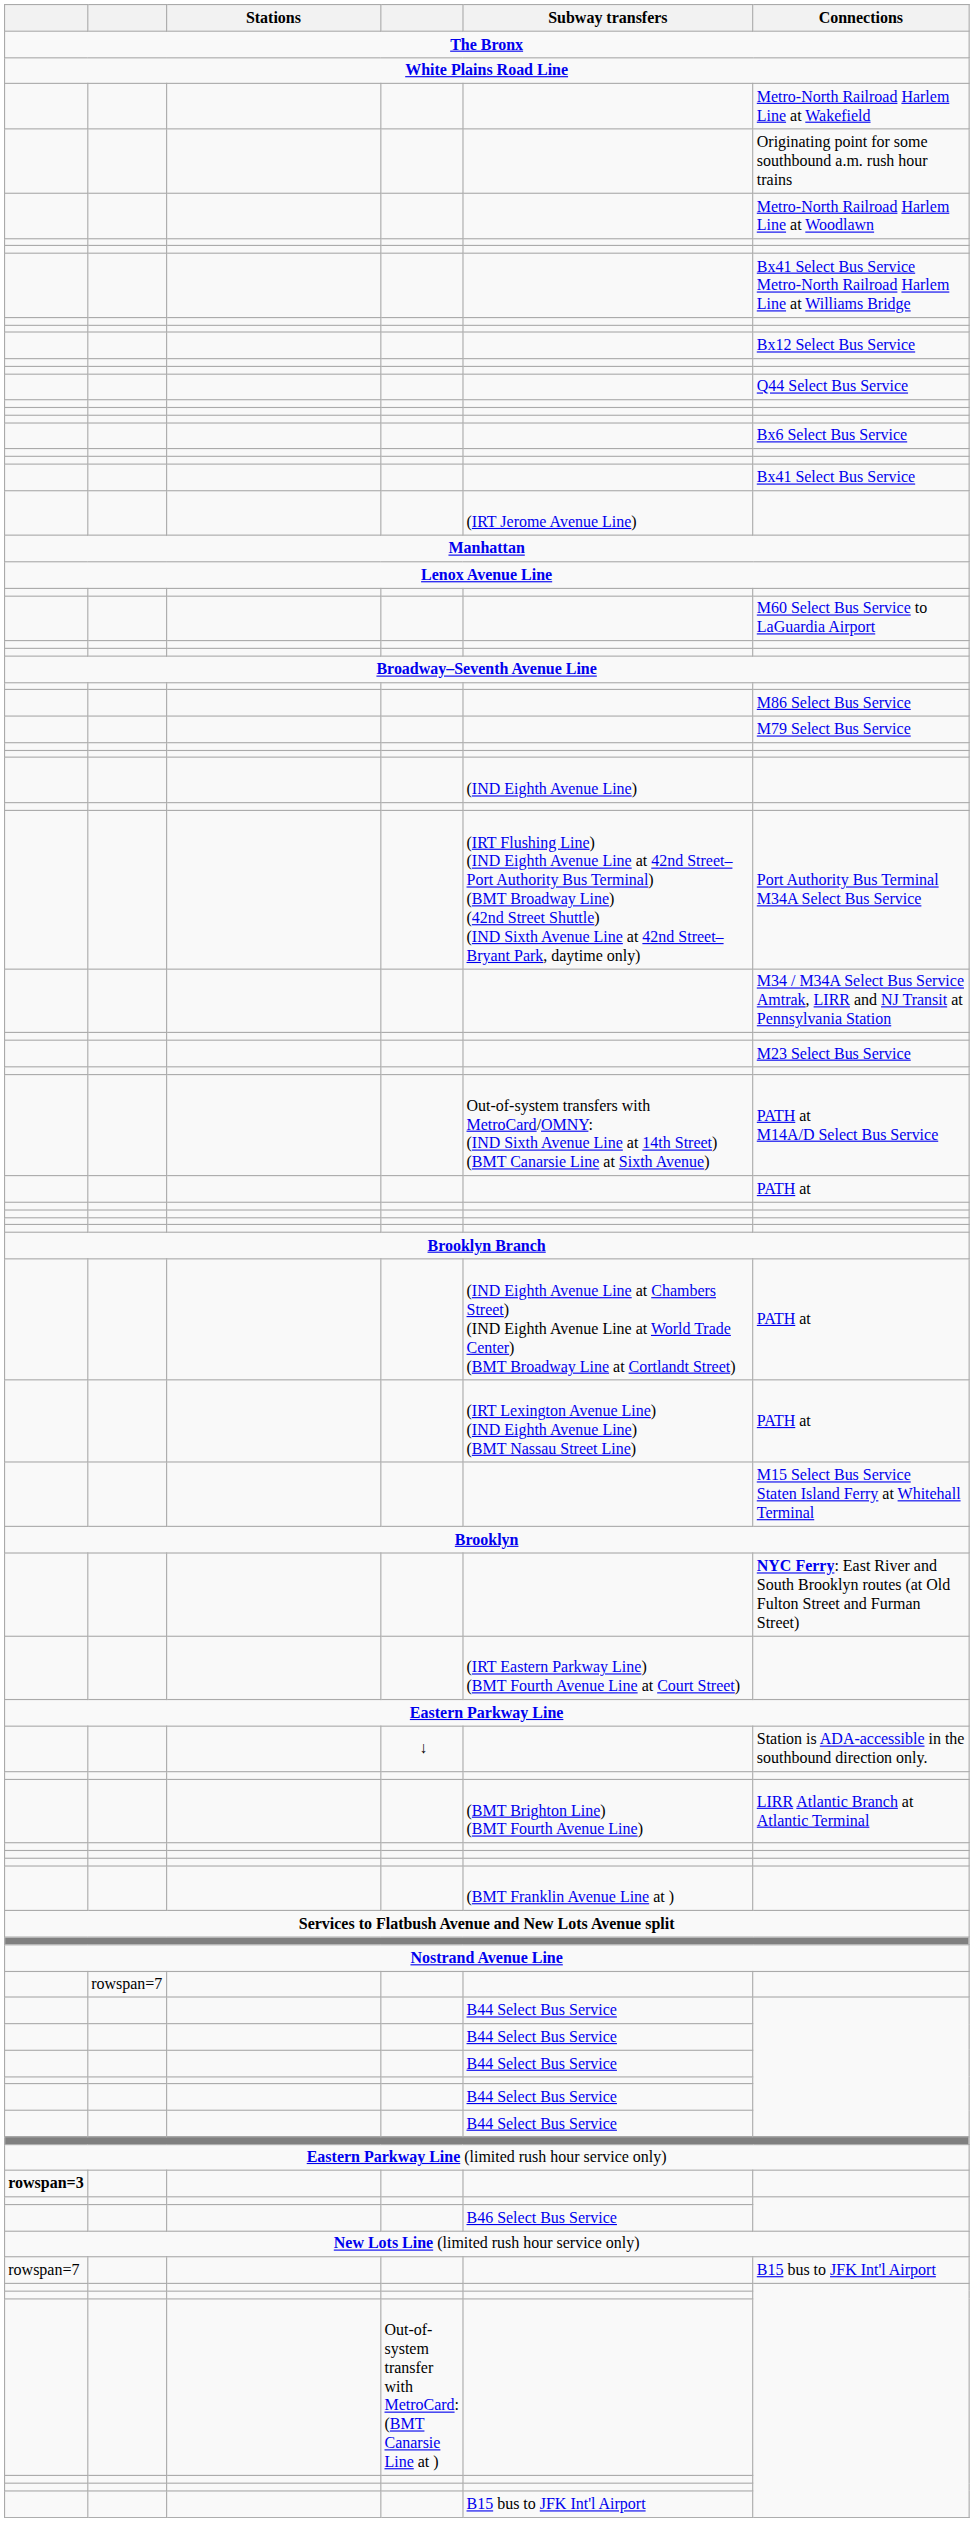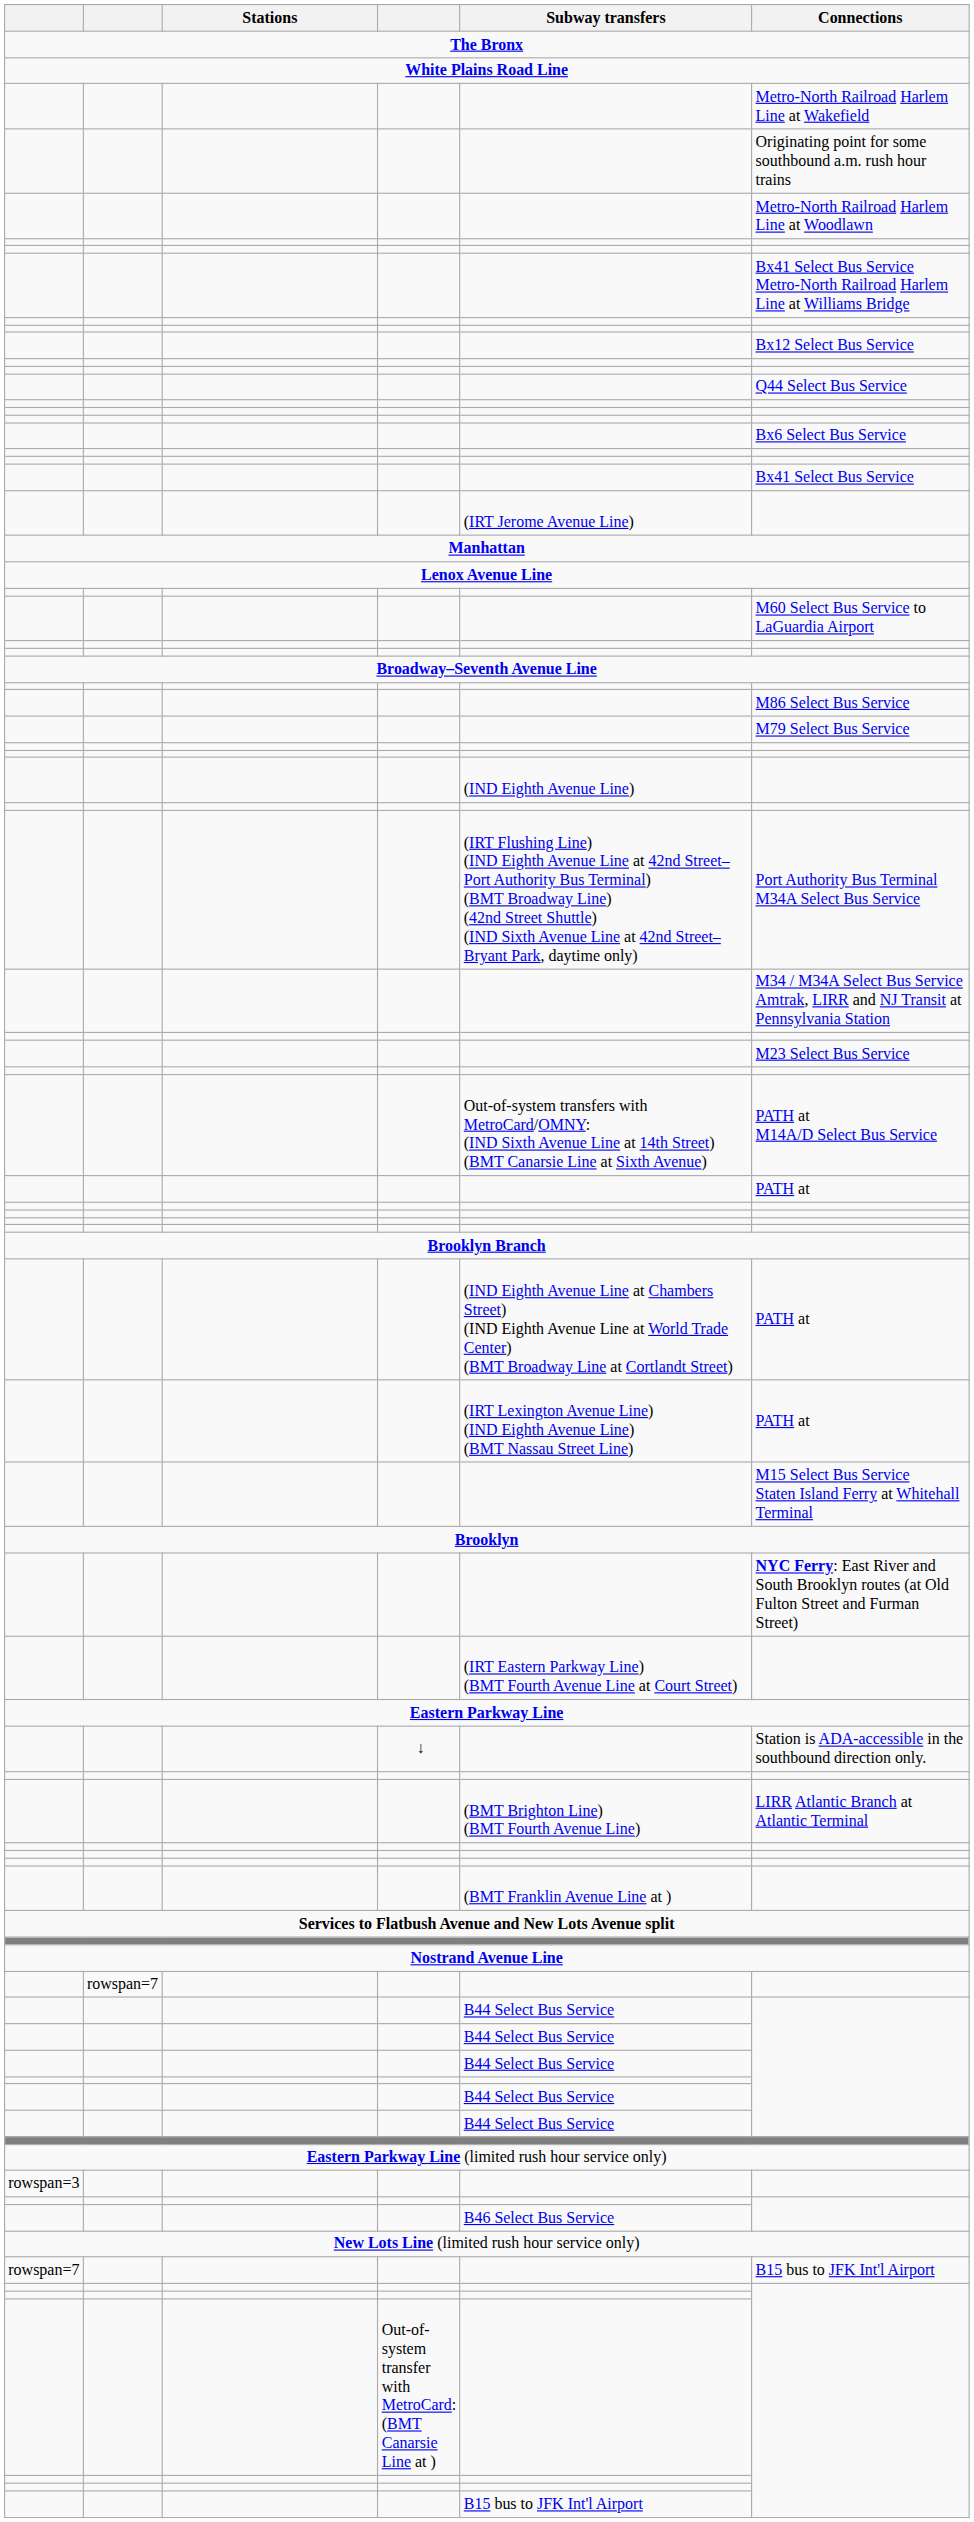 <table class="wikitable" style="font-size:90%" summary="Service information for the 2 train and its stations, including service times, ADA-accessibility, subway transfers, and non-subway connections.">
 <tr>
 <th width=3%><br></th>
 <th width=3%><br></th>
 <th width=28%>Stations</th>
 <th width=3%></th>
 <th width=36%>Subway transfers</th>
 <th width=30%>Connections</th>
 </tr>
 <tr>
 <td style="font-weight:bold" align=center colspan=6><a href='#'>The Bronx</a></td>
 </tr>
 <tr>
 <td style="font-weight:bold" align=center colspan=6><a href='#'>White Plains Road Line</a></td>
 </tr>
 <tr>
 <td align=center></td>
 <td align=center></td>
 <td></td>
 <td></td>
 <td></td>
 <td><a href='#'>Metro-North Railroad</a> <a href='#'>Harlem Line</a> at <a href='#'>Wakefield</a></td>
 </tr>
 <tr>
 <td align=center></td>
 <td align=center></td>
 <td></td>
 <td></td>
 <td></td>
 <td>Originating point for some southbound a.m. rush hour trains</td>
 </tr>
 <tr>
 <td align=center></td>
 <td align=center></td>
 <td></td>
 <td align=center></td>
 <td></td>
 <td><a href='#'>Metro-North Railroad</a> <a href='#'>Harlem Line</a> at <a href='#'>Woodlawn</a></td>
 </tr>
 <tr>
 <td align=center></td>
 <td align=center></td>
 <td></td>
 <td></td>
 <td></td>
 <td></td>
 </tr>
 <tr>
 <td align=center></td>
 <td align=center></td>
 <td></td>
 <td></td>
 <td></td>
 <td></td>
 </tr>
 <tr>
 <td align=center></td>
 <td align=center></td>
 <td></td>
 <td align=center></td>
 <td></td>
 <td><a href='#'>Bx41 Select Bus Service</a><br><a href='#'>Metro-North Railroad</a> <a href='#'>Harlem Line</a> at <a href='#'>Williams Bridge</a></td>
 </tr>
 <tr>
 <td align=center></td>
 <td align=center></td>
 <td></td>
 <td></td>
 <td></td>
 <td></td>
 </tr>
 <tr>
 <td align=center></td>
 <td align=center></td>
 <td></td>
 <td></td>
 <td></td>
 <td></td>
 </tr>
 <tr>
 <td align=center></td>
 <td align=center></td>
 <td></td>
 <td align=center></td>
 <td></td>
 <td><a href='#'>Bx12 Select Bus Service</a></td>
 </tr>
 <tr>
 <td align=center></td>
 <td align=center></td>
 <td></td>
 <td></td>
 <td></td>
 <td></td>
 </tr>
 <tr>
 <td align=center></td>
 <td align=center></td>
 <td></td>
 <td align=center></td>
 <td></td>
 <td></td>
 </tr>
 <tr>
 <td align=center></td>
 <td align=center></td>
 <td></td>
 <td></td>
 <td></td>
 <td><a href='#'>Q44 Select Bus Service</a></td>
 </tr>
 <tr>
 <td align=center></td>
 <td align=center></td>
 <td></td>
 <td></td>
 <td></td>
 <td></td>
 </tr>
 <tr>
 <td align=center></td>
 <td align=center></td>
 <td></td>
 <td></td>
 <td></td>
 <td></td>
 </tr>
 <tr>
 <td align=center></td>
 <td align=center></td>
 <td></td>
 <td align=center></td>
 <td></td>
 <td></td>
 </tr>
 <tr>
 <td align=center></td>
 <td align=center></td>
 <td></td>
 <td></td>
 <td></td>
 <td><a href='#'>Bx6 Select Bus Service</a></td>
 </tr>
 <tr>
 <td align=center></td>
 <td align=center></td>
 <td></td>
 <td></td>
 <td></td>
 <td></td>
 </tr>
 <tr>
 <td align=center></td>
 <td align=center></td>
 <td></td>
 <td></td>
 <td></td>
 <td></td>
 </tr>
 <tr>
 <td align=center></td>
 <td align=center></td>
 <td></td>
 <td align=center></td>
 <td></td>
 <td><a href='#'>Bx41 Select Bus Service</a></td>
 </tr>
 <tr>
 <td align=center></td>
 <td align=center></td>
 <td></td>
 <td></td>
 <td><br> (<a href='#'>IRT Jerome Avenue Line</a>)</td>
 <td></td>
 </tr>
 <tr>
 <td style="font-weight:bold" align=center colspan="7"><a href='#'>Manhattan</a></td>
 </tr>
 <tr>
 <td style="font-weight:bold" align=center colspan="7"><a href='#'>Lenox Avenue Line</a></td>
 </tr>
 <tr>
 <td align=center></td>
 <td align=center></td>
 <td></td>
 <td align=center></td>
 <td></td>
 <td></td>
 </tr>
 <tr>
 <td align=center></td>
 <td align=center></td>
 <td></td>
 <td></td>
 <td></td>
 <td><a href='#'>M60 Select Bus Service</a> to <a href='#'>LaGuardia Airport</a></td>
 </tr>
 <tr>
 <td align=center></td>
 <td align=center></td>
 <td></td>
 <td></td>
 <td></td>
 <td></td>
 </tr>
 <tr>
 <td align=center></td>
 <td align=center></td>
 <td></td>
 <td></td>
 <td></td>
 <td></td>
 </tr>
 <tr>
 <td style="font-weight:bold" align=center colspan="7"><a href='#'>Broadway–Seventh Avenue Line</a></td>
 </tr>
 <tr>
 <td align=center></td>
 <td align=center></td>
 <td></td>
 <td align=center></td>
 <td></td>
 <td></td>
 </tr>
 <tr>
 <td align=center></td>
 <td align=center></td>
 <td></td>
 <td></td>
 <td></td>
 <td><a href='#'>M86 Select Bus Service</a></td>
 </tr>
 <tr>
 <td align=center></td>
 <td align=center></td>
 <td></td>
 <td></td>
 <td></td>
 <td><a href='#'>M79 Select Bus Service</a></td>
 </tr>
 <tr>
 <td align=center></td>
 <td align=center></td>
 <td></td>
 <td align=center></td>
 <td></td>
 <td></td>
 </tr>
 <tr>
 <td align=center></td>
 <td align=center></td>
 <td></td>
 <td align=center></td>
 <td></td>
 <td></td>
 </tr>
 <tr>
 <td align=center></td>
 <td align=center></td>
 <td></td>
 <td align=center></td>
 <td><br> (<a href='#'>IND Eighth Avenue Line</a>)</td>
 <td></td>
 </tr>
 <tr>
 <td align=center></td>
 <td align=center></td>
 <td></td>
 <td></td>
 <td></td>
 <td></td>
 </tr>
 <tr>
 <td align=center></td>
 <td align=center></td>
 <td></td>
 <td align=center></td>
 <td><br> (<a href='#'>IRT Flushing Line</a>)<br> (<a href='#'>IND Eighth Avenue Line</a> at <a href='#'>42nd Street–Port Authority Bus Terminal</a>)<br> (<a href='#'>BMT Broadway Line</a>)<br> (<a href='#'>42nd Street Shuttle</a>)<br> (<a href='#'>IND Sixth Avenue Line</a> at <a href='#'>42nd Street–Bryant Park</a>, daytime only)</td>
 <td><a href='#'>Port Authority Bus Terminal</a><br><a href='#'>M34A Select Bus Service</a></td>
 </tr>
 <tr>
 <td align=center></td>
 <td align=center></td>
 <td></td>
 <td align=center></td>
 <td></td>
 <td><a href='#'>M34 / M34A Select Bus Service</a><br><a href='#'>Amtrak</a>, <a href='#'>LIRR</a> and <a href='#'>NJ Transit</a> at <a href='#'>Pennsylvania Station</a></td>
 </tr>
 <tr>
 <td align=center></td>
 <td align=center></td>
 <td></td>
 <td></td>
 <td></td>
 <td></td>
 </tr>
 <tr>
 <td align=center></td>
 <td align=center></td>
 <td></td>
 <td></td>
 <td></td>
 <td><a href='#'>M23 Select Bus Service</a></td>
 </tr>
 <tr>
 <td align=center></td>
 <td align=center></td>
 <td></td>
 <td></td>
 <td></td>
 <td></td>
 </tr>
 <tr>
 <td align=center></td>
 <td align=center></td>
 <td></td>
 <td align=center></td>
 <td><br>Out-of-system transfers with <a href='#'>MetroCard</a>/<a href='#'>OMNY</a>:<br> (<a href='#'>IND Sixth Avenue Line</a> at <a href='#'>14th Street</a>)<br> (<a href='#'>BMT Canarsie Line</a> at <a href='#'>Sixth Avenue</a>)</td>
 <td><a href='#'>PATH</a> at <br><a href='#'>M14A/D Select Bus Service</a></td>
 </tr>
 <tr>
 <td align=center></td>
 <td align=center></td>
 <td></td>
 <td></td>
 <td></td>
 <td><a href='#'>PATH</a> at </td>
 </tr>
 <tr>
 <td align=center></td>
 <td align=center></td>
 <td></td>
 <td></td>
 <td></td>
 <td></td>
 </tr>
 <tr>
 <td align=center></td>
 <td align=center></td>
 <td></td>
 <td></td>
 <td></td>
 <td></td>
 </tr>
 <tr>
 <td align=center></td>
 <td align=center></td>
 <td></td>
 <td></td>
 <td></td>
 <td></td>
 </tr>
 <tr>
 <td align=center></td>
 <td align=center></td>
 <td></td>
 <td align=center></td>
 <td></td>
 <td></td>
 </tr>
 <tr>
 <td style="font-weight:bold" align=center colspan=6><a href='#'>Brooklyn Branch</a></td>
 </tr>
 <tr>
 <td align=center></td>
 <td align=center></td>
 <td></td>
 <td align=center></td>
 <td><br> (<a href='#'>IND Eighth Avenue Line</a> at <a href='#'>Chambers Street</a>)<br> (IND Eighth Avenue Line at <a href='#'>World Trade Center</a>)<br> (<a href='#'>BMT Broadway Line</a> at <a href='#'>Cortlandt Street</a>)</td>
 <td><a href='#'>PATH</a> at </td>
 </tr>
 <tr>
 <td align=center></td>
 <td align=center></td>
 <td></td>
 <td align=center></td>
 <td><br> (<a href='#'>IRT Lexington Avenue Line</a>)<br> (<a href='#'>IND Eighth Avenue Line</a>)<br> (<a href='#'>BMT Nassau Street Line</a>)</td>
 <td><a href='#'>PATH</a> at </td>
 </tr>
 <tr>
 <td align=center></td>
 <td align=center></td>
 <td></td>
 <td></td>
 <td></td>
 <td><a href='#'>M15 Select Bus Service</a> <br><a href='#'>Staten Island Ferry</a> at <a href='#'>Whitehall Terminal</a></td>
 </tr>
 <tr>
 <td style="font-weight:bold" align=center colspan=6><a href='#'>Brooklyn</a></td>
 </tr>
 <tr>
 <td align=center></td>
 <td align=center></td>
 <td></td>
 <td align=center></td>
 <td></td>
 <td> <strong><a href='#'>NYC Ferry</a></strong>: East River and South Brooklyn routes (at Old Fulton Street and Furman Street)</td>
 </tr>
 <tr>
 <td align=center></td>
 <td align=center></td>
 <td></td>
 <td align=center></td>
 <td><br> (<a href='#'>IRT Eastern Parkway Line</a>)<br> (<a href='#'>BMT Fourth Avenue Line</a> at <a href='#'>Court Street</a>)</td>
 <td></td>
 </tr>
 <tr>
 <td style="font-weight:bold" align=center colspan=6><a href='#'>Eastern Parkway Line</a></td>
 </tr>
 <tr>
 <td align=center></td>
 <td align=center></td>
 <td></td>
 <td align=center> ↓</td>
 <td></td>
 <td>Station is <a href='#'>ADA-accessible</a> in the southbound direction only.</td>
 </tr>
 <tr>
 <td align=center></td>
 <td align=center></td>
 <td></td>
 <td></td>
 <td></td>
 <td></td>
 </tr>
 <tr>
 <td align=center></td>
 <td align=center></td>
 <td></td>
 <td align=center></td>
 <td><br> (<a href='#'>BMT Brighton Line</a>)<br> (<a href='#'>BMT Fourth Avenue Line</a>)</td>
 <td><a href='#'>LIRR</a> <a href='#'>Atlantic Branch</a> at <a href='#'>Atlantic Terminal</a></td>
 </tr>
 <tr>
 <td align=center></td>
 <td align=center></td>
 <td></td>
 <td></td>
 <td></td>
 <td></td>
 </tr>
 <tr>
 <td align=center></td>
 <td align=center></td>
 <td></td>
 <td></td>
 <td></td>
 <td></td>
 </tr>
 <tr>
 <td align=center></td>
 <td align=center></td>
 <td></td>
 <td align=center></td>
 <td></td>
 <td></td>
 </tr>
 <tr>
 <td align=center></td>
 <td align=center></td>
 <td></td>
 <td></td>
 <td><br> (<a href='#'>BMT Franklin Avenue Line</a> at )</td>
 <td></td>
 </tr>
 <tr>
 <td style="font-weight:bold" align=center colspan=6>Services to Flatbush Avenue and New Lots Avenue split</td>
 </tr>
 <tr>
 <td bgcolor=#808080 colspan=6></td>
 </tr>
 <tr>
 <td style="font-weight:bold" align=center colspan=6><a href='#'>Nostrand Avenue Line</a></td>
 </tr>
 <tr>
 <td align=center></td>
 <td>rowspan=7 </td>
 <td></td>
 <td></td>
 <td></td>
 <td></td>
 </tr>
 <tr>
 <td align=center></td>
 <td></td>
 <td></td>
 <td></td>
 <td><a href='#'>B44 Select Bus Service</a></td>
 </tr>
 <tr>
 <td align=center></td>
 <td></td>
 <td></td>
 <td></td>
 <td><a href='#'>B44 Select Bus Service</a></td>
 </tr>
 <tr>
 <td align=center></td>
 <td></td>
 <td align=center></td>
 <td></td>
 <td><a href='#'>B44 Select Bus Service</a></td>
 </tr>
 <tr>
 <td align=center></td>
 <td></td>
 <td></td>
 <td></td>
 <td></td>
 </tr>
 <tr>
 <td align=center></td>
 <td></td>
 <td></td>
 <td></td>
 <td><a href='#'>B44 Select Bus Service</a></td>
 </tr>
 <tr>
 <td align=center></td>
 <td></td>
 <td align=center></td>
 <td></td>
 <td><a href='#'>B44 Select Bus Service</a></td>
 </tr>
 <tr>
 <td bgcolor=#808080 colspan=6></td>
 </tr>
 <tr>
 <td align=center colspan=6><strong><a href='#'>Eastern Parkway Line</a></strong> (limited rush hour service only)</td>
 </tr>
 <tr>
-<td><strong>rowspan=3 </strong></td>
+<td>rowspan=3 </td>
 <td align=center></td>
 <td></td>
 <td></td>
 <td></td>
 <td></td>
 </tr>
 <tr>
 <td align=center></td>
 <td></td>
 <td></td>
 <td></td>
 <td></td>
 </tr>
 <tr>
 <td align=center></td>
 <td></td>
 <td align=center></td>
 <td></td>
 <td><a href='#'>B46 Select Bus Service</a></td>
 </tr>
 <tr>
 <td align=center colspan=6><strong><a href='#'>New Lots Line</a></strong> (limited rush hour service only)</td>
 </tr>
 <tr>
 <td>rowspan=7 </td>
 <td align=center></td>
 <td></td>
 <td></td>
 <td></td>
 <td><a href='#'>B15</a> bus to <a href='#'>JFK Int'l Airport</a></td>
 </tr>
 <tr>
 <td align=center></td>
 <td></td>
 <td></td>
 <td></td>
 <td></td>
 </tr>
 <tr>
 <td align=center></td>
 <td></td>
 <td></td>
 <td></td>
 <td></td>
 </tr>
 <tr>
 <td align=center></td>
 <td></td>
 <td></td>
 <td><br>Out-of-system transfer with <a href='#'>MetroCard</a>:<br> (<a href='#'>BMT Canarsie Line</a> at )</td>
 <td></td>
 </tr>
 <tr>
 <td align=center></td>
 <td></td>
 <td></td>
 <td></td>
 <td></td>
 </tr>
 <tr>
 <td align=center></td>
 <td></td>
 <td></td>
 <td></td>
 <td></td>
 </tr>
 <tr>
 <td align=center></td>
 <td></td>
 <td></td>
 <td></td>
 <td><a href='#'>B15</a> bus to <a href='#'>JFK Int'l Airport</a></td>
 </tr>
 </table>
